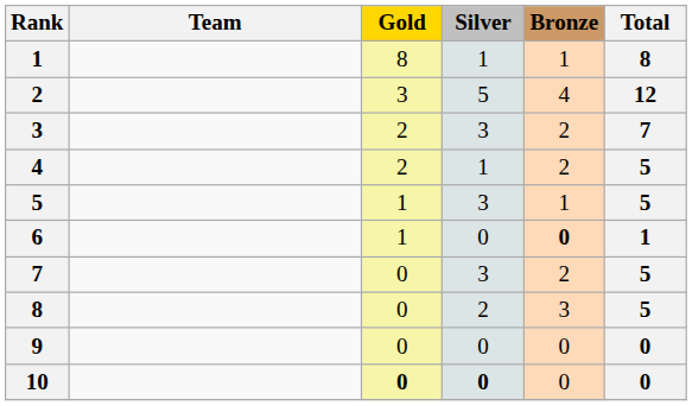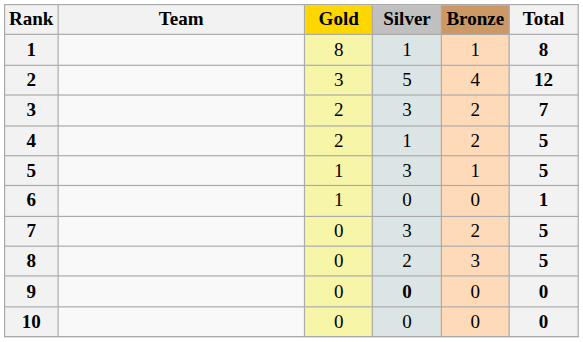 <table class="wikitable" style="text-align:center;">
 <tr>
 <th>Rank</th>
 <th width=200px>Team</th>
 <th style="background:gold;" width=50px align=center>Gold</th>
 <th style="background:silver;" width=50px align=center>Silver</th>
 <th style="background:#cc9966;" width=50px align=center>Bronze</th>
 <th width=50px align=center>Total</th>
 </tr>
 <tr>
 <th>1</th>
 <td align=left></td>
 <td bgcolor="#F7F6A8">8</td>
 <td bgcolor="#DCE5E5">1</td>
 <td bgcolor="#FFDAB9">1</td>
 <th>8</th>
 </tr>
 <tr>
 <th>2</th>
 <td align=left></td>
 <td bgcolor="#F7F6A8">3</td>
 <td bgcolor="#DCE5E5">5</td>
 <td bgcolor="#FFDAB9">4</td>
 <th>12</th>
 </tr>
 <tr>
 <th>3</th>
 <td align=left></td>
 <td bgcolor="#F7F6A8">2</td>
 <td bgcolor="#DCE5E5">3</td>
 <td bgcolor="#FFDAB9">2</td>
 <th>7</th>
 </tr>
 <tr>
 <th>4</th>
 <td align=left></td>
 <td bgcolor="#F7F6A8">2</td>
 <td bgcolor="#DCE5E5">1</td>
 <td bgcolor="#FFDAB9">2</td>
 <th>5</th>
 </tr>
 <tr>
 <th>5</th>
 <td align=left></td>
 <td bgcolor="#F7F6A8">1</td>
 <td bgcolor="#DCE5E5">3</td>
 <td bgcolor="#FFDAB9">1</td>
 <th>5</th>
 </tr>
 <tr>
 <th>6</th>
 <td align=left></td>
 <td bgcolor="#F7F6A8">1</td>
 <td bgcolor="#DCE5E5">0</td>
-<td bgcolor="#FFDAB9"><strong>0</strong></td>
+<td bgcolor="#FFDAB9">0</td>
 <th>1</th>
 </tr>
 <tr>
 <th>7</th>
 <td align=left></td>
 <td bgcolor="#F7F6A8">0</td>
 <td bgcolor="#DCE5E5">3</td>
 <td bgcolor="#FFDAB9">2</td>
 <th>5</th>
 </tr>
 <tr>
 <th>8</th>
 <td align=left></td>
 <td bgcolor="#F7F6A8">0</td>
 <td bgcolor="#DCE5E5">2</td>
 <td bgcolor="#FFDAB9">3</td>
 <th>5</th>
 </tr>
 <tr>
 <th>9</th>
 <td align=left></td>
 <td bgcolor="#F7F6A8">0</td>
-<td bgcolor="#DCE5E5">0</td>
+<td bgcolor="#DCE5E5"><strong>0</strong></td>
 <td bgcolor="#FFDAB9">0</td>
 <th>0</th>
 </tr>
 <tr>
 <th>10</th>
 <td align=left></td>
-<td bgcolor="#F7F6A8"><strong>0</strong></td>
-<td bgcolor="#DCE5E5"><strong>0</strong></td>
+<td bgcolor="#F7F6A8">0</td>
+<td bgcolor="#DCE5E5">0</td>
 <td bgcolor="#FFDAB9">0</td>
 <th>0</th>
 </tr>
 <tr>
 </tr>
 </table>
